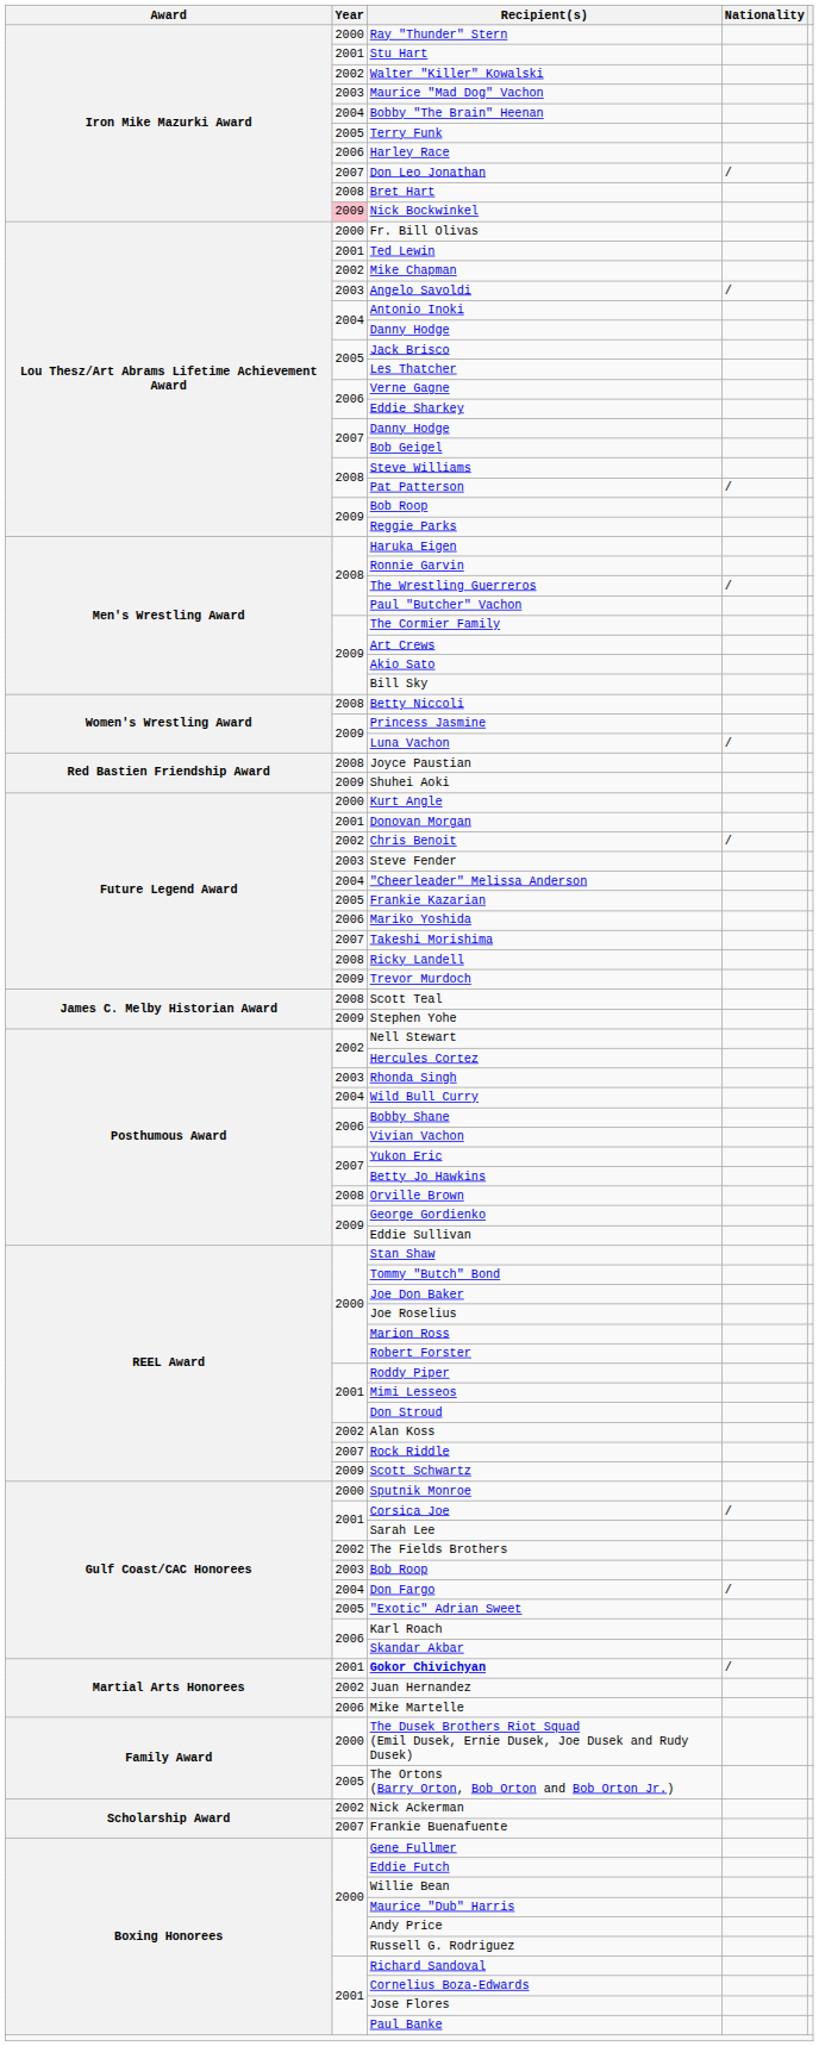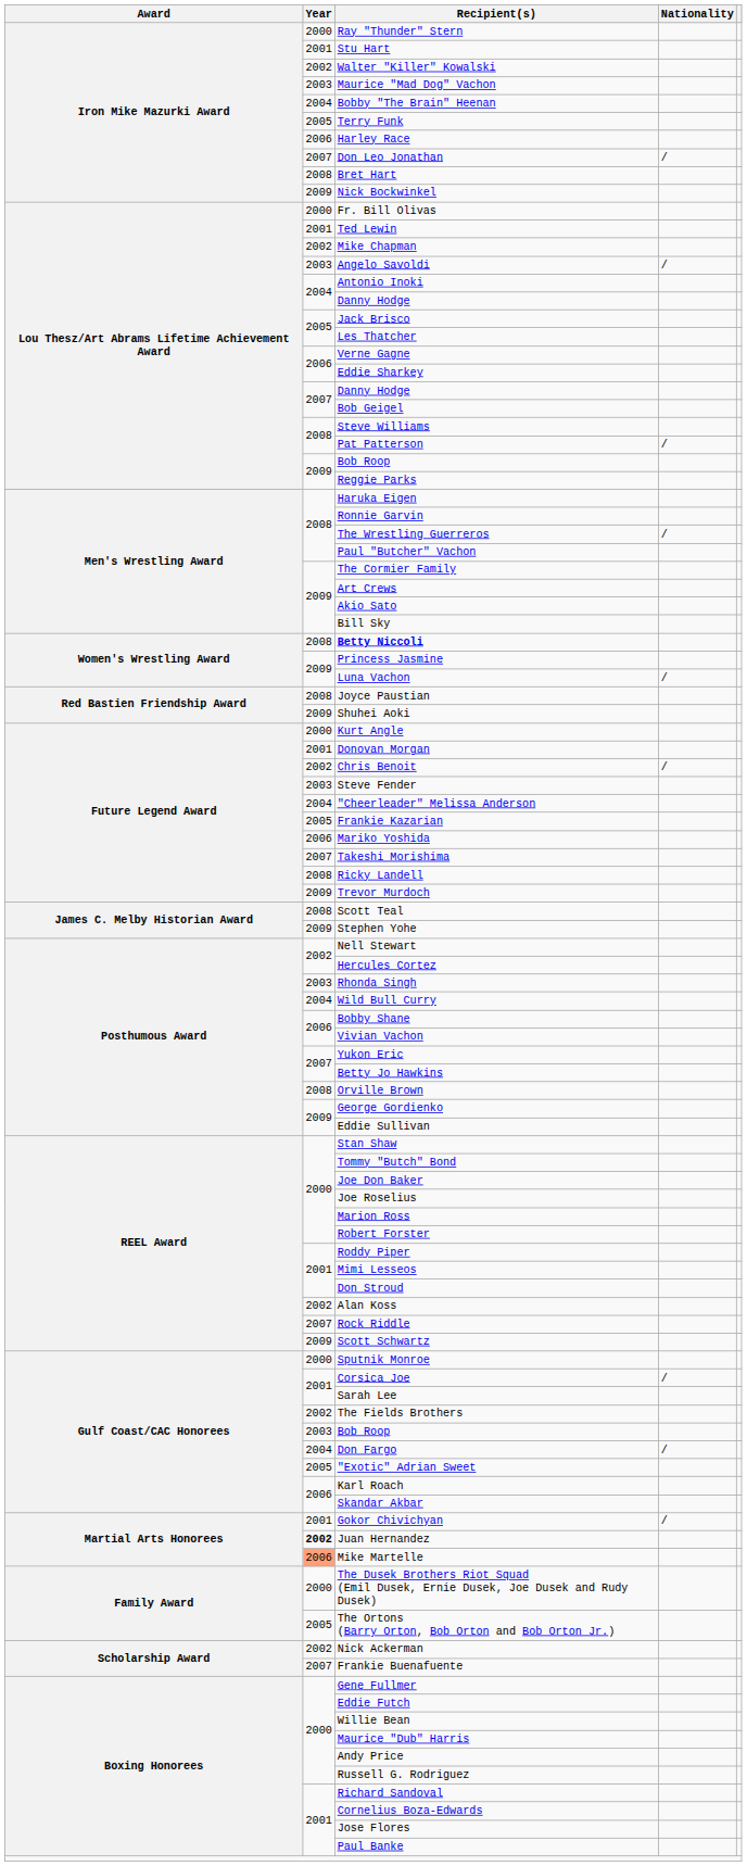 <table class="wikitable plainrowheaders sortable">
 <tr style="background:#ccc; text-align:center;">
 <th scope="col">Award</th>
 <th scope="col">Year</th>
 <th scope="col">Recipient(s)</th>
 <th scope="col">Nationality</th>
 <th scope="col" class="unsortable"></th>
 </tr>
 <tr>
 <th scope="row" rowspan=10><strong>Iron Mike Mazurki Award</strong></th>
 <td>2000</td>
 <td><a href='#'>Ray "Thunder" Stern</a></td>
 <td></td>
 <td></td>
 </tr>
 <tr>
 <td>2001</td>
 <td><a href='#'>Stu Hart</a></td>
 <td></td>
 <td></td>
 </tr>
 <tr>
 <td>2002</td>
 <td><a href='#'>Walter "Killer" Kowalski</a></td>
 <td></td>
 <td></td>
 </tr>
 <tr>
 <td>2003</td>
 <td><a href='#'>Maurice "Mad Dog" Vachon</a></td>
 <td></td>
 <td></td>
 </tr>
 <tr>
 <td>2004</td>
 <td><a href='#'>Bobby "The Brain" Heenan</a></td>
 <td></td>
 <td></td>
 </tr>
 <tr>
 <td>2005</td>
 <td><a href='#'>Terry Funk</a></td>
 <td></td>
 <td></td>
 </tr>
 <tr>
 <td>2006</td>
 <td><a href='#'>Harley Race</a></td>
 <td></td>
 <td></td>
 </tr>
 <tr>
 <td>2007</td>
 <td><a href='#'>Don Leo Jonathan</a></td>
 <td>/</td>
 <td></td>
 </tr>
 <tr>
 <td>2008</td>
 <td><a href='#'>Bret Hart</a></td>
 <td></td>
 <td></td>
 </tr>
 <tr>
-<td style="background: pink;">2009</td>
+<td>2009</td>
 <td><a href='#'>Nick Bockwinkel</a></td>
 <td></td>
 <td></td>
 </tr>
 <tr>
 <th scope="row" rowspan=16><strong>Lou Thesz/Art Abrams Lifetime Achievement Award</strong></th>
 <td>2000</td>
 <td>Fr. Bill Olivas</td>
 <td></td>
 <td></td>
 </tr>
 <tr>
 <td>2001</td>
 <td><a href='#'>Ted Lewin</a></td>
 <td></td>
 <td></td>
 </tr>
 <tr>
 <td>2002</td>
 <td><a href='#'>Mike Chapman</a></td>
 <td></td>
 <td></td>
 </tr>
 <tr>
 <td>2003</td>
 <td><a href='#'>Angelo Savoldi</a></td>
 <td>/</td>
 <td></td>
 </tr>
 <tr>
 <td rowspan=2>2004</td>
 <td><a href='#'>Antonio Inoki</a></td>
 <td></td>
 <td></td>
 </tr>
 <tr>
 <td><a href='#'>Danny Hodge</a></td>
 <td></td>
 <td></td>
 </tr>
 <tr>
 <td rowspan=2>2005</td>
 <td><a href='#'>Jack Brisco</a></td>
 <td></td>
 <td></td>
 </tr>
 <tr>
 <td><a href='#'>Les Thatcher</a></td>
 <td></td>
 <td></td>
 </tr>
 <tr>
 <td rowspan=2>2006</td>
 <td><a href='#'>Verne Gagne</a></td>
 <td></td>
 <td></td>
 </tr>
 <tr>
 <td><a href='#'>Eddie Sharkey</a></td>
 <td></td>
 <td></td>
 </tr>
 <tr>
 <td rowspan=2>2007</td>
 <td><a href='#'>Danny Hodge</a></td>
 <td></td>
 <td></td>
 </tr>
 <tr>
 <td><a href='#'>Bob Geigel</a></td>
 <td></td>
 <td></td>
 </tr>
 <tr>
 <td rowspan=2>2008</td>
 <td><a href='#'>Steve Williams</a></td>
 <td></td>
 <td></td>
 </tr>
 <tr>
 <td><a href='#'>Pat Patterson</a></td>
 <td>/</td>
 <td></td>
 </tr>
 <tr>
 <td rowspan=2>2009</td>
 <td><a href='#'>Bob Roop</a></td>
 <td></td>
 <td></td>
 </tr>
 <tr>
 <td><a href='#'>Reggie Parks</a></td>
 <td></td>
 <td></td>
 </tr>
 <tr>
 <th scope="row" rowspan=8><strong>Men's Wrestling Award</strong></th>
 <td rowspan=4>2008</td>
 <td><a href='#'>Haruka Eigen</a></td>
 <td></td>
 <td></td>
 </tr>
 <tr>
 <td><a href='#'>Ronnie Garvin</a></td>
 <td></td>
 <td></td>
 </tr>
 <tr>
 <td><a href='#'>The Wrestling Guerreros</a></td>
 <td>/</td>
 <td></td>
 </tr>
 <tr>
 <td><a href='#'>Paul "Butcher" Vachon</a></td>
 <td></td>
 <td></td>
 </tr>
 <tr>
 <td rowspan=4>2009</td>
 <td><a href='#'>The Cormier Family</a></td>
 <td></td>
 <td></td>
 </tr>
 <tr>
 <td><a href='#'>Art Crews</a></td>
 <td></td>
 <td></td>
 </tr>
 <tr>
 <td><a href='#'>Akio Sato</a></td>
 <td></td>
 <td></td>
 </tr>
 <tr>
 <td>Bill Sky</td>
 <td></td>
 <td></td>
 </tr>
 <tr>
 <th scope="row" rowspan=3><strong>Women's Wrestling Award</strong></th>
 <td>2008</td>
-<td><a href='#'>Betty Niccoli</a></td>
+<td><strong><a href='#'>Betty Niccoli</a></strong></td>
 <td></td>
 <td></td>
 </tr>
 <tr>
 <td rowspan=2>2009</td>
 <td><a href='#'>Princess Jasmine</a></td>
 <td></td>
 <td></td>
 </tr>
 <tr>
 <td><a href='#'>Luna Vachon</a></td>
 <td>/</td>
 <td></td>
 </tr>
 <tr>
 <th scope="row" rowspan=2><strong>Red Bastien Friendship Award</strong></th>
 <td>2008</td>
 <td>Joyce Paustian</td>
 <td></td>
 <td></td>
 </tr>
 <tr>
 <td>2009</td>
 <td>Shuhei Aoki</td>
 <td></td>
 <td></td>
 </tr>
 <tr>
 <th scope="row" rowspan=10><strong>Future Legend Award</strong></th>
 <td>2000</td>
 <td><a href='#'>Kurt Angle</a></td>
 <td></td>
 <td></td>
 </tr>
 <tr>
 <td>2001</td>
 <td><a href='#'>Donovan Morgan</a></td>
 <td></td>
 <td></td>
 </tr>
 <tr>
 <td>2002</td>
 <td><a href='#'>Chris Benoit</a></td>
 <td>/</td>
 <td></td>
 </tr>
 <tr>
 <td>2003</td>
 <td>Steve Fender</td>
 <td></td>
 <td></td>
 </tr>
 <tr>
 <td>2004</td>
 <td><a href='#'>"Cheerleader" Melissa Anderson</a></td>
 <td></td>
 <td></td>
 </tr>
 <tr>
 <td>2005</td>
 <td><a href='#'>Frankie Kazarian</a></td>
 <td></td>
 <td></td>
 </tr>
 <tr>
 <td>2006</td>
 <td><a href='#'>Mariko Yoshida</a></td>
 <td></td>
 <td></td>
 </tr>
 <tr>
 <td>2007</td>
 <td><a href='#'>Takeshi Morishima</a></td>
 <td></td>
 <td></td>
 </tr>
 <tr>
 <td>2008</td>
 <td><a href='#'>Ricky Landell</a></td>
 <td></td>
 <td></td>
 </tr>
 <tr>
 <td>2009</td>
 <td><a href='#'>Trevor Murdoch</a></td>
 <td></td>
 <td></td>
 </tr>
 <tr>
 <th scope="row" rowspan=2><strong>James C. Melby Historian Award</strong></th>
 <td>2008</td>
 <td>Scott Teal</td>
 <td></td>
 <td></td>
 </tr>
 <tr>
 <td>2009</td>
 <td>Stephen Yohe</td>
 <td></td>
 <td></td>
 </tr>
 <tr>
 <th scope="row" rowspan=11><strong>Posthumous Award</strong></th>
 <td rowspan=2>2002</td>
 <td>Nell Stewart</td>
 <td></td>
 <td></td>
 </tr>
 <tr>
 <td><a href='#'>Hercules Cortez</a></td>
 <td></td>
 <td></td>
 </tr>
 <tr>
 <td>2003</td>
 <td><a href='#'>Rhonda Singh</a></td>
 <td></td>
 <td></td>
 </tr>
 <tr>
 <td>2004</td>
 <td><a href='#'>Wild Bull Curry</a></td>
 <td></td>
 <td></td>
 </tr>
 <tr>
 <td rowspan=2>2006</td>
 <td><a href='#'>Bobby Shane</a></td>
 <td></td>
 <td></td>
 </tr>
 <tr>
 <td><a href='#'>Vivian Vachon</a></td>
 <td></td>
 <td></td>
 </tr>
 <tr>
 <td rowspan=2>2007</td>
 <td><a href='#'>Yukon Eric</a></td>
 <td></td>
 <td></td>
 </tr>
 <tr>
 <td><a href='#'>Betty Jo Hawkins</a></td>
 <td></td>
 <td></td>
 </tr>
 <tr>
 <td>2008</td>
 <td><a href='#'>Orville Brown</a></td>
 <td></td>
 <td></td>
 </tr>
 <tr>
 <td rowspan=2>2009</td>
 <td><a href='#'>George Gordienko</a></td>
 <td></td>
 <td></td>
 </tr>
 <tr>
 <td>Eddie Sullivan</td>
 <td></td>
 <td></td>
 </tr>
 <tr>
 <th scope="row" rowspan=12><strong>REEL Award</strong></th>
 <td rowspan=6>2000</td>
 <td><a href='#'>Stan Shaw</a></td>
 <td></td>
 <td></td>
 </tr>
 <tr>
 <td><a href='#'>Tommy "Butch" Bond</a></td>
 <td></td>
 <td></td>
 </tr>
 <tr>
 <td><a href='#'>Joe Don Baker</a></td>
 <td></td>
 <td></td>
 </tr>
 <tr>
 <td>Joe Roselius</td>
 <td></td>
 <td></td>
 </tr>
 <tr>
 <td><a href='#'>Marion Ross</a></td>
 <td></td>
 <td></td>
 </tr>
 <tr>
 <td><a href='#'>Robert Forster</a></td>
 <td></td>
 <td></td>
 </tr>
 <tr>
 <td rowspan=3>2001</td>
 <td><a href='#'>Roddy Piper</a></td>
 <td></td>
 <td></td>
 </tr>
 <tr>
 <td><a href='#'>Mimi Lesseos</a></td>
 <td></td>
 <td></td>
 </tr>
 <tr>
 <td><a href='#'>Don Stroud</a></td>
 <td></td>
 <td></td>
 </tr>
 <tr>
 <td>2002</td>
 <td>Alan Koss</td>
 <td></td>
 <td></td>
 </tr>
 <tr>
 <td>2007</td>
 <td><a href='#'>Rock Riddle</a></td>
 <td></td>
 <td></td>
 </tr>
 <tr>
 <td>2009</td>
 <td><a href='#'>Scott Schwartz</a></td>
 <td></td>
 <td></td>
 </tr>
 <tr>
 <th scope="row" rowspan=9><strong>Gulf Coast/CAC Honorees</strong></th>
 <td>2000</td>
 <td><a href='#'>Sputnik Monroe</a></td>
 <td></td>
 <td></td>
 </tr>
 <tr>
 <td rowspan=2>2001</td>
 <td><a href='#'>Corsica Joe</a></td>
 <td>/</td>
 <td></td>
 </tr>
 <tr>
 <td>Sarah Lee</td>
 <td></td>
 <td></td>
 </tr>
 <tr>
 <td>2002</td>
 <td>The Fields Brothers</td>
 <td></td>
 <td></td>
 </tr>
 <tr>
 <td>2003</td>
 <td><a href='#'>Bob Roop</a></td>
 <td></td>
 <td></td>
 </tr>
 <tr>
 <td>2004</td>
 <td><a href='#'>Don Fargo</a></td>
 <td>/</td>
 <td></td>
 </tr>
 <tr>
 <td>2005</td>
 <td><a href='#'>"Exotic" Adrian Sweet</a></td>
 <td></td>
 <td></td>
 </tr>
 <tr>
 <td rowspan=2>2006</td>
 <td>Karl Roach</td>
 <td></td>
 <td></td>
 </tr>
 <tr>
 <td><a href='#'>Skandar Akbar</a></td>
 <td></td>
 <td></td>
 </tr>
 <tr>
 <th scope="row" rowspan=3><strong>Martial Arts Honorees</strong></th>
 <td>2001</td>
-<td><strong><a href='#'>Gokor Chivichyan</a></strong></td>
+<td><a href='#'>Gokor Chivichyan</a></td>
 <td>/</td>
 <td></td>
 </tr>
 <tr>
-<td>2002</td>
+<td><strong>2002</strong></td>
 <td>Juan Hernandez</td>
 <td></td>
 <td></td>
 </tr>
 <tr>
-<td>2006</td>
+<td style="background: lightsalmon;">2006</td>
 <td>Mike Martelle</td>
 <td></td>
 <td></td>
 </tr>
 <tr>
 <th scope="row" rowspan=2><strong>Family Award</strong></th>
 <td>2000</td>
 <td><a href='#'>The Dusek Brothers Riot Squad</a><br>(Emil Dusek, Ernie Dusek, Joe Dusek and Rudy Dusek)</td>
 <td></td>
 <td></td>
 </tr>
 <tr>
 <td>2005</td>
 <td>The Ortons<br>(<a href='#'>Barry Orton</a>, <a href='#'>Bob Orton</a> and <a href='#'>Bob Orton Jr.</a>)</td>
 <td></td>
 <td></td>
 </tr>
 <tr>
 <th scope="row" rowspan=2><strong>Scholarship Award</strong></th>
 <td>2002</td>
 <td>Nick Ackerman</td>
 <td></td>
 <td></td>
 </tr>
 <tr>
 <td>2007</td>
 <td>Frankie Buenafuente</td>
 <td></td>
 <td></td>
 </tr>
 <tr>
 <th scope="row" rowspan=10><strong>Boxing Honorees</strong></th>
 <td rowspan=6>2000</td>
 <td><a href='#'>Gene Fullmer</a></td>
 <td></td>
 <td></td>
 </tr>
 <tr>
 <td><a href='#'>Eddie Futch</a></td>
 <td></td>
 <td></td>
 </tr>
 <tr>
 <td>Willie Bean</td>
 <td></td>
 <td></td>
 </tr>
 <tr>
 <td><a href='#'>Maurice "Dub" Harris</a></td>
 <td></td>
 <td></td>
 </tr>
 <tr>
 <td>Andy Price</td>
 <td></td>
 <td></td>
 </tr>
 <tr>
 <td>Russell G. Rodriguez</td>
 <td></td>
 <td></td>
 </tr>
 <tr>
 <td rowspan=4>2001</td>
 <td><a href='#'>Richard Sandoval</a></td>
 <td></td>
 <td></td>
 </tr>
 <tr>
 <td><a href='#'>Cornelius Boza-Edwards</a></td>
 <td></td>
 <td></td>
 </tr>
 <tr>
 <td>Jose Flores</td>
 <td></td>
 <td></td>
 </tr>
 <tr>
 <td><a href='#'>Paul Banke</a></td>
 <td></td>
 <td></td>
 </tr>
 <tr>
 <td colspan=5></td>
 </tr>
 </table>
